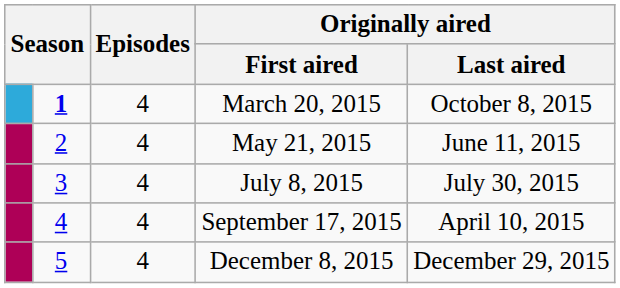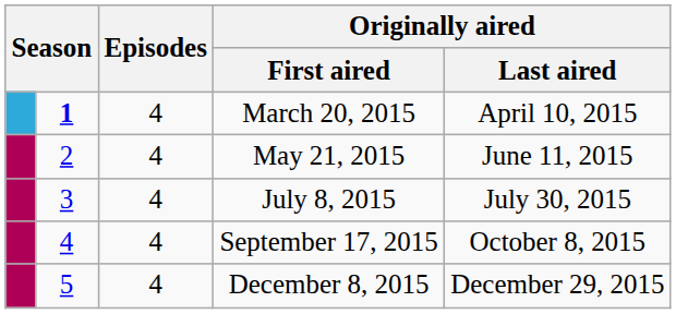 <table class="wikitable plainrowheaders" style="text-align:center;">
 <tr>
 <th colspan="2" rowspan="2">Season</th>
 <th rowspan="2">Episodes</th>
 <th colspan="2">Originally aired</th>
 </tr>
 <tr>
 <th>First aired</th>
 <th>Last aired</th>
 </tr>
 <tr>
 <td bgcolor="2daada"></td>
 <td><strong><a href='#'>1</a></strong></td>
 <td>4</td>
 <td>March 20, 2015</td>
-<td>October 8, 2015</td>
+<td>April 10, 2015</td>
 </tr>
 <tr>
 <td bgcolor="AE0057"></td>
 <td><a href='#'>2</a></td>
 <td>4</td>
 <td>May 21, 2015</td>
 <td>June 11, 2015</td>
 </tr>
 <tr>
 <td bgcolor="AE0057"></td>
 <td><a href='#'>3</a></td>
 <td>4</td>
 <td>July 8, 2015</td>
 <td>July 30, 2015</td>
 </tr>
 <tr>
 <td bgcolor="AE0057"></td>
 <td><a href='#'>4</a></td>
 <td>4</td>
 <td>September 17, 2015</td>
-<td>April 10, 2015</td>
+<td>October 8, 2015</td>
 </tr>
 <tr>
 <td bgcolor="AE0057"></td>
 <td><a href='#'>5</a></td>
 <td>4</td>
 <td>December 8, 2015</td>
 <td>December 29, 2015</td>
 </tr>
 </table>
